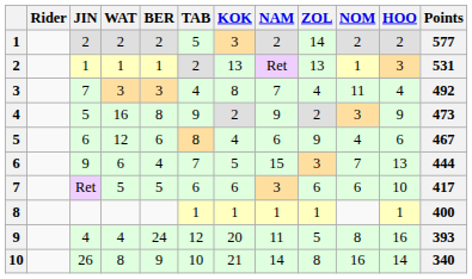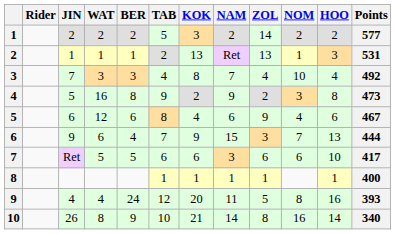 <table class="wikitable" style="font-size: 90%; text-align:center">
 <tr style="vertical-align:middle;">
 <th style="vertical-align:middle"></th>
 <th style="vertical-align:middle;background">Rider</th>
 <th>JIN<br></th>
 <th>WAT<br></th>
 <th>BER<br></th>
 <th>TAB<br></th>
 <th><a href='#'>KOK</a><br></th>
 <th><a href='#'>NAM</a><br></th>
 <th><a href='#'>ZOL</a><br></th>
 <th><a href='#'>NOM</a><br></th>
 <th><a href='#'>HOO</a><br></th>
 <th style="vertical-align:middle">Points</th>
 </tr>
 <tr>
 <th>1</th>
 <td style="text-align:left"></td>
 <td style="background-color:#dfdfdf">2</td>
 <td style="background-color:#dfdfdf">2</td>
 <td style="background-color:#dfdfdf">2</td>
 <td style="background-color:#dfffdf">5</td>
 <td style="background-color:#ffdf9f">3</td>
 <td style="background-color:#dfdfdf">2</td>
 <td style="background-color:#dfffdf">14</td>
 <td style="background-color:#dfdfdf">2</td>
 <td style="background-color:#dfdfdf">2</td>
 <th>577</th>
 </tr>
 <tr>
 <th>2</th>
 <td style="text-align:left"></td>
 <td style="background-color:#ffffbf">1</td>
 <td style="background-color:#ffffbf">1</td>
 <td style="background-color:#ffffbf">1</td>
 <td style="background-color:#dfdfdf">2</td>
 <td style="background-color:#dfffdf">13</td>
 <td style="background-color:#efcfff">Ret</td>
 <td style="background-color:#dfffdf">13</td>
 <td style="background-color:#ffffbf">1</td>
 <td style="background-color:#ffdf9f">3</td>
 <th>531</th>
 </tr>
 <tr>
 <th>3</th>
 <td style="text-align:left"></td>
 <td style="background-color:#dfffdf">7</td>
 <td style="background-color:#ffdf9f">3</td>
 <td style="background-color:#ffdf9f">3</td>
 <td style="background-color:#dfffdf">4</td>
 <td style="background-color:#dfffdf">8</td>
 <td style="background-color:#dfffdf">7</td>
 <td style="background-color:#dfffdf">4</td>
-<td style="background-color:#dfffdf">11</td>
+<td style="background-color:#dfffdf">10</td>
 <td style="background-color:#dfffdf">4</td>
 <th>492</th>
 </tr>
 <tr>
 <th>4</th>
 <td style="text-align:left"></td>
 <td style="background-color:#dfffdf">5</td>
 <td style="background-color:#dfffdf">16</td>
 <td style="background-color:#dfffdf">8</td>
 <td style="background-color:#dfffdf">9</td>
 <td style="background-color:#dfdfdf">2</td>
 <td style="background-color:#dfffdf">9</td>
 <td style="background-color:#dfdfdf">2</td>
 <td style="background-color:#ffdf9f">3</td>
-<td style="background-color:#dfffdf">9</td>
+<td style="background-color:#dfffdf">8</td>
 <th>473</th>
 </tr>
 <tr>
 <th>5</th>
 <td style="text-align:left"></td>
 <td style="background-color:#dfffdf">6</td>
 <td style="background-color:#dfffdf">12</td>
 <td style="background-color:#dfffdf">6</td>
 <td style="background-color:#ffdf9f">8</td>
 <td style="background-color:#dfffdf">4</td>
 <td style="background-color:#dfffdf">6</td>
 <td style="background-color:#dfffdf">9</td>
 <td style="background-color:#dfffdf">4</td>
 <td style="background-color:#dfffdf">6</td>
 <th>467</th>
 </tr>
 <tr>
 <th>6</th>
 <td style="text-align:left"></td>
 <td style="background-color:#dfffdf">9</td>
 <td style="background-color:#dfffdf">6</td>
 <td style="background-color:#dfffdf">4</td>
 <td style="background-color:#dfffdf">7</td>
-<td style="background-color:#dfffdf">5</td>
+<td style="background-color:#dfffdf">9</td>
 <td style="background-color:#dfffdf">15</td>
 <td style="background-color:#ffdf9f">3</td>
 <td style="background-color:#dfffdf">7</td>
 <td style="background-color:#dfffdf">13</td>
 <th>444</th>
 </tr>
 <tr>
 <th>7</th>
 <td style="text-align:left"></td>
 <td style="background-color:#efcfff">Ret</td>
 <td style="background-color:#dfffdf">5</td>
 <td style="background-color:#dfffdf">5</td>
 <td style="background-color:#dfffdf">6</td>
 <td style="background-color:#dfffdf">6</td>
 <td style="background-color:#ffdf9f">3</td>
 <td style="background-color:#dfffdf">6</td>
 <td style="background-color:#dfffdf">6</td>
 <td style="background-color:#dfffdf">10</td>
 <th>417</th>
 </tr>
 <tr>
 <th>8</th>
 <td style="text-align:left"></td>
 <td></td>
 <td></td>
 <td></td>
 <td style="background-color:#ffffbf">1</td>
 <td style="background-color:#ffffbf">1</td>
 <td style="background-color:#ffffbf">1</td>
 <td style="background-color:#ffffbf">1</td>
 <td></td>
 <td style="background-color:#ffffbf">1</td>
 <th>400</th>
 </tr>
 <tr>
 <th>9</th>
 <td style="text-align:left"></td>
 <td style="background-color:#dfffdf">4</td>
 <td style="background-color:#dfffdf">4</td>
 <td style="background-color:#dfffdf">24</td>
 <td style="background-color:#dfffdf">12</td>
 <td style="background-color:#dfffdf">20</td>
 <td style="background-color:#dfffdf">11</td>
 <td style="background-color:#dfffdf">5</td>
 <td style="background-color:#dfffdf">8</td>
 <td style="background-color:#dfffdf">16</td>
 <th>393</th>
 </tr>
 <tr>
 <th>10</th>
 <td style="text-align:left"></td>
 <td style="background-color:#dfffdf">26</td>
 <td style="background-color:#dfffdf">8</td>
 <td style="background-color:#dfffdf">9</td>
 <td style="background-color:#dfffdf">10</td>
 <td style="background-color:#dfffdf">21</td>
 <td style="background-color:#dfffdf">14</td>
 <td style="background-color:#dfffdf">8</td>
 <td style="background-color:#dfffdf">16</td>
 <td style="background-color:#dfffdf">14</td>
 <th>340</th>
 </tr>
 </table>
